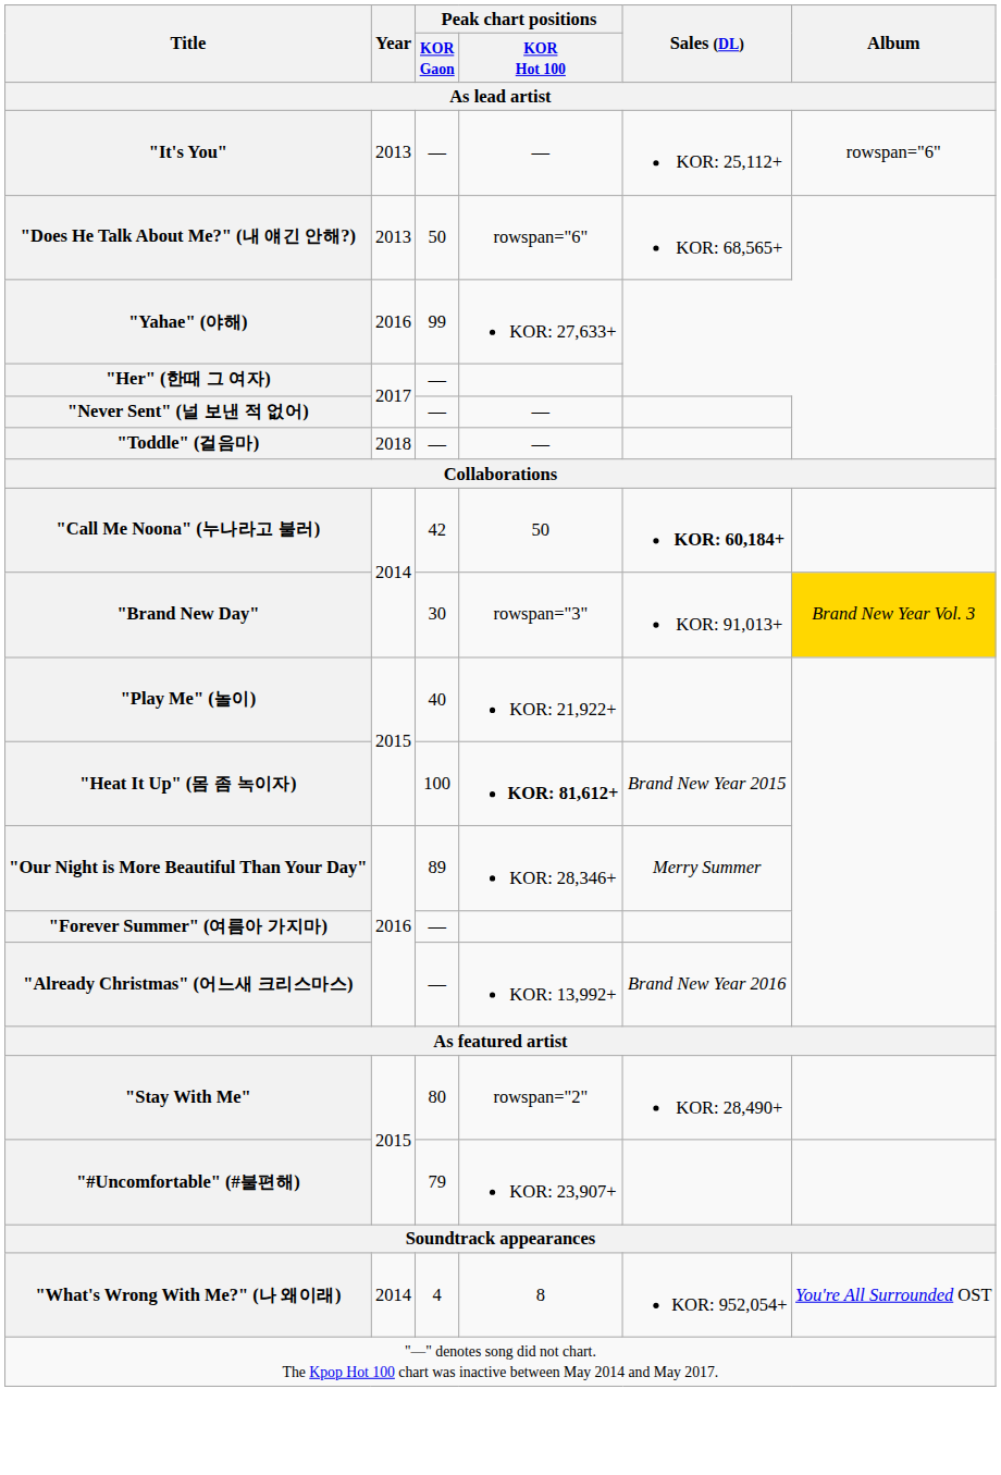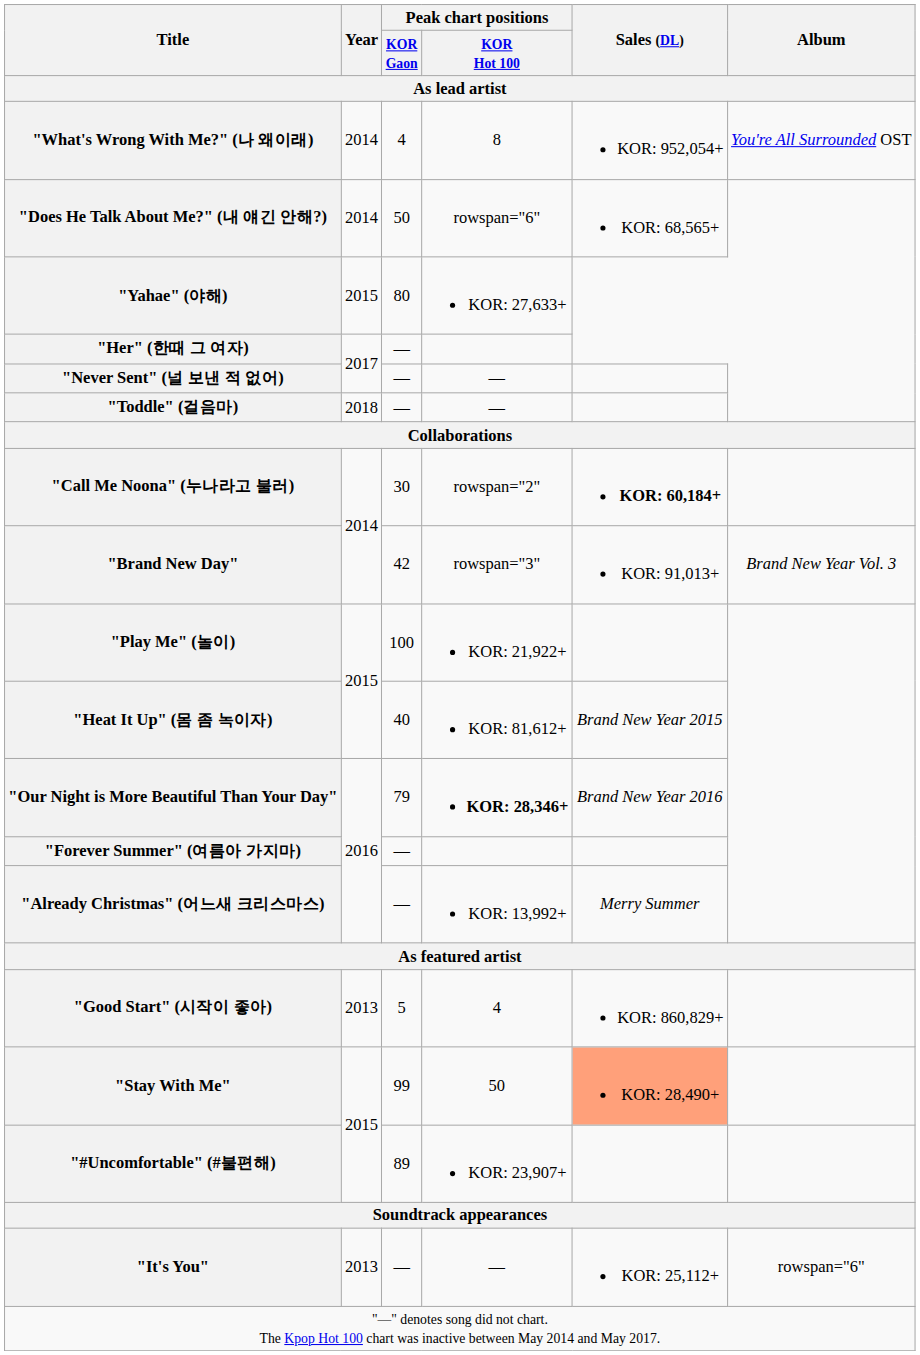 <table class="wikitable plainrowheaders" style="text-align:center;">
 <tr>
 <th scope="col" rowspan="2">Title</th>
 <th scope="col" rowspan="2">Year</th>
 <th colspan="2" scope="col" style="width:5em;">Peak chart positions</th>
 <th scope="col" rowspan="2">Sales <small>(<a href='#'>DL</a>)</small></th>
 <th scope="col" rowspan="2">Album</th>
 </tr>
 <tr>
 <th><small><a href='#'>KOR<br>Gaon</a></small><br></th>
 <th><small><a href='#'>KOR<br>Hot 100</a></small><br></th>
 </tr>
 <tr>
 <th colspan="6" scope="col">As lead artist</th>
 </tr>
 <tr>
-<th scope="row">"It's You"</th>
-<td>2013</td>
-<td>—</td>
-<td>—</td>
-<td><br><ul><li>KOR: 25,112+</li></ul></td>
-<td>rowspan="6" </td>
+<th scope="row">"What's Wrong With Me?" (나 왜이래)<br></th>
+<td>2014</td>
+<td>4</td>
+<td>8</td>
+<td><br><ul><li>KOR: 952,054+</li></ul></td>
+<td><em><a href='#'>You're All Surrounded</a></em> OST</td>
 </tr>
 <tr>
 <th scope="row">"Does He Talk About Me?" (내 얘긴 안해?)<br></th>
-<td>2013</td>
+<td>2014</td>
 <td>50</td>
 <td>rowspan="6" </td>
 <td><br><ul><li>KOR: 68,565+</li></ul></td>
 </tr>
 <tr>
 <th scope="row">"Yahae" (야해)<br></th>
-<td>2016</td>
-<td>99</td>
+<td>2015</td>
+<td>80</td>
 <td><br><ul><li>KOR: 27,633+</li></ul></td>
 </tr>
 <tr>
 <th scope="row">"Her" (한때 그 여자)</th>
 <td rowspan="2">2017</td>
 <td>—</td>
 <td></td>
 </tr>
 <tr>
 <th scope="row">"Never Sent" (널 보낸 적 없어)<br></th>
 <td>—</td>
 <td>—</td>
 <td></td>
 </tr>
 <tr>
 <th scope="row">"Toddle" (걸음마)</th>
 <td>2018</td>
 <td>—</td>
 <td>—</td>
 <td></td>
 </tr>
 <tr>
 <th colspan="6" scope="col">Collaborations</th>
 </tr>
 <tr>
 <th scope="row">"Call Me Noona" (누나라고 불러)<br></th>
 <td rowspan="2">2014</td>
-<td>42</td>
-<td>50</td>
+<td>30</td>
+<td>rowspan="2" </td>
 <td><strong><br><ul><li>KOR: 60,184+</li></ul></strong></td>
 <td></td>
 </tr>
 <tr>
 <th scope="row">"Brand New Day"<br></th>
-<td>30</td>
+<td>42</td>
 <td>rowspan="3" </td>
 <td><br><ul><li>KOR: 91,013+</li></ul></td>
-<td style="background: gold;"><em>Brand New Year Vol. 3</em></td>
+<td><em>Brand New Year Vol. 3</em></td>
 </tr>
 <tr>
 <th scope="row">"Play Me" (놀이)<br></th>
 <td rowspan="2">2015</td>
-<td>40</td>
+<td>100</td>
 <td><br><ul><li>KOR: 21,922+</li></ul></td>
 <td></td>
 </tr>
 <tr>
 <th scope="row">"Heat It Up" (몸 좀 녹이자)<br></th>
-<td>100</td>
-<td><strong><br><ul><li>KOR: 81,612+</li></ul></strong></td>
+<td>40</td>
+<td><br><ul><li>KOR: 81,612+</li></ul></td>
 <td><em>Brand New Year 2015</em></td>
 </tr>
 <tr>
 <th scope="row">"Our Night is More Beautiful Than Your Day"<br></th>
 <td rowspan="3">2016</td>
-<td>89</td>
-<td><br><ul><li>KOR: 28,346+</li></ul></td>
-<td><em>Merry Summer</em></td>
+<td>79</td>
+<td><strong><br><ul><li>KOR: 28,346+</li></ul></strong></td>
+<td><em>Brand New Year 2016</em></td>
 </tr>
 <tr>
 <th scope="row">"Forever Summer" (여름아 가지마)<br></th>
 <td>—</td>
 <td></td>
 <td></td>
 </tr>
 <tr>
 <th scope="row">"Already Christmas" (어느새 크리스마스)<br></th>
 <td>—</td>
 <td><br><ul><li>KOR: 13,992+</li></ul></td>
-<td><em>Brand New Year 2016</em></td>
+<td><em>Merry Summer</em></td>
 </tr>
 <tr>
 <th colspan="6" scope="col">As featured artist</th>
 </tr>
 <tr>
+<th scope="row">"Good Start" (시작이 좋아)<br></th>
+<td>2013</td>
+<td>5</td>
+<td>4</td>
+<td><br><ul><li>KOR: 860,829+</li></ul></td>
+<td></td>
+</tr>
+<tr>
 <th scope="row">"Stay With Me" <br></th>
 <td rowspan="2">2015</td>
-<td>80</td>
-<td>rowspan="2" </td>
-<td><br><ul><li>KOR: 28,490+</li></ul></td>
+<td>99</td>
+<td>50</td>
+<td style="background: lightsalmon;"><br><ul><li>KOR: 28,490+</li></ul></td>
 <td></td>
 </tr>
 <tr>
 <th scope="row">"#Uncomfortable" (#불편해)<br></th>
-<td>79</td>
+<td>89</td>
 <td><br><ul><li>KOR: 23,907+</li></ul></td>
 <td></td>
 </tr>
 <tr>
 <th colspan="6" scope="col">Soundtrack appearances</th>
 </tr>
 <tr>
-<th scope="row">"What's Wrong With Me?" (나 왜이래)<br></th>
-<td>2014</td>
-<td>4</td>
-<td>8</td>
-<td><br><ul><li>KOR: 952,054+</li></ul></td>
-<td><em><a href='#'>You're All Surrounded</a></em> OST</td>
+<th scope="row">"It's You"</th>
+<td>2013</td>
+<td>—</td>
+<td>—</td>
+<td><br><ul><li>KOR: 25,112+</li></ul></td>
+<td>rowspan="6" </td>
 </tr>
 <tr>
 <td colspan="6" align="center"><small>"—" denotes song did not chart.<br>The <a href='#'>Kpop Hot 100</a> chart was inactive between May 2014 and May 2017.</small></td>
 </tr>
 </table>
